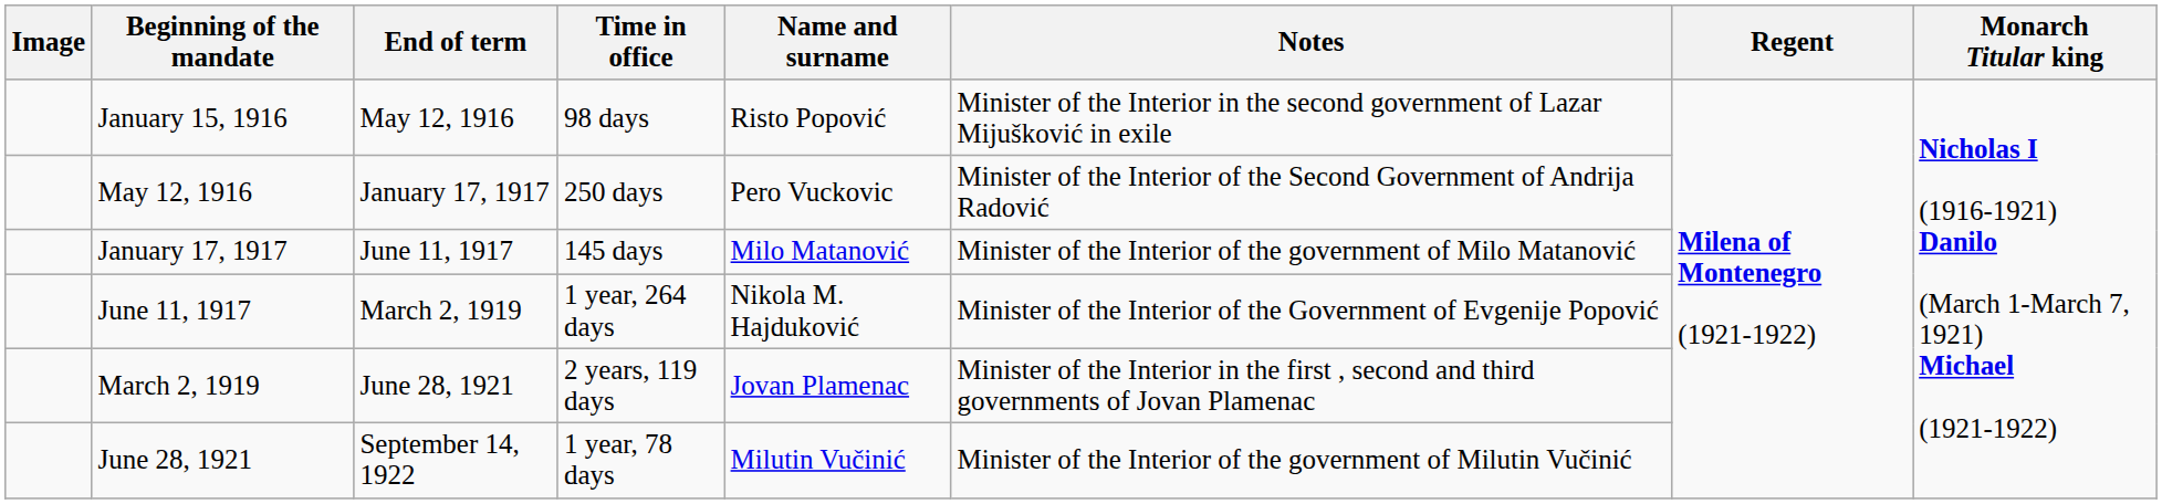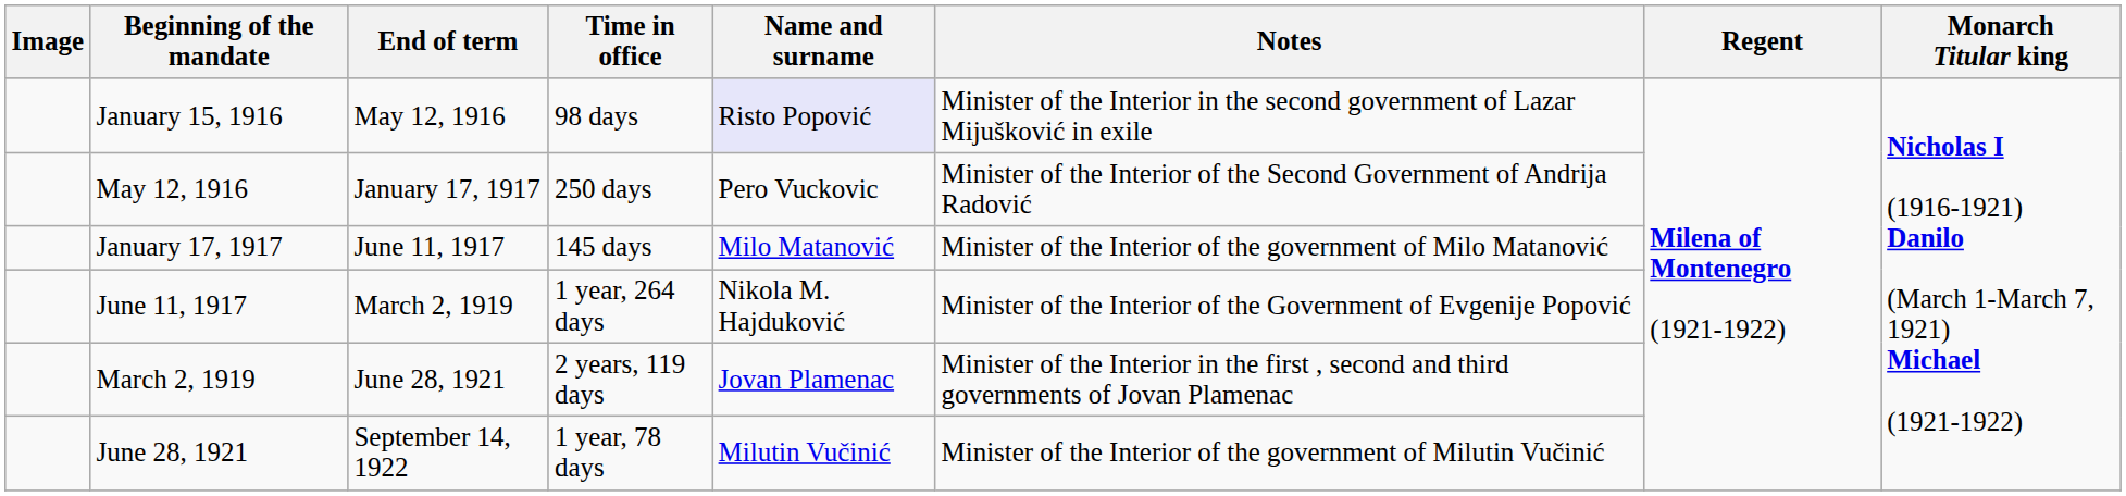 <table class="wikitable">
 <tr>
 <th>Image</th>
 <th>Beginning of the mandate</th>
 <th>End of term</th>
 <th>Time in office</th>
 <th>Name and surname</th>
 <th>Notes</th>
 <th>Regent</th>
 <th>Monarch<br><em>Titular</em> king</th>
 </tr>
 <tr>
 <td></td>
 <td>January 15, 1916</td>
 <td>May 12, 1916</td>
 <td>98 days</td>
-<td>Risto Popović</td>
+<td style="background: lavender;">Risto Popović</td>
 <td>Minister of the Interior in the second government of Lazar Mijušković in exile</td>
 <td rowspan="6"><strong><a href='#'>Milena of Montenegro</a></strong><br><br>(1921-1922)</td>
 <td rowspan="6"><strong><a href='#'>Nicholas I</a></strong><br><br>(1916-1921)<br><strong><a href='#'>Danilo</a></strong><br><br>(March 1-March 7, 1921)<br><strong><a href='#'>Michael</a></strong><br><br>(1921-1922)</td>
 </tr>
 <tr>
 <td></td>
 <td>May 12, 1916</td>
 <td>January 17, 1917</td>
 <td>250 days</td>
 <td>Pero Vuckovic</td>
 <td>Minister of the Interior of the Second Government of Andrija Radović</td>
 </tr>
 <tr>
 <td></td>
 <td>January 17, 1917</td>
 <td>June 11, 1917</td>
 <td>145 days</td>
 <td><a href='#'>Milo Matanović</a></td>
 <td>Minister of the Interior of the government of Milo Matanović</td>
 </tr>
 <tr>
 <td></td>
 <td>June 11, 1917</td>
 <td>March 2, 1919</td>
 <td>1 year, 264 days</td>
 <td>Nikola M. Hajduković</td>
 <td>Minister of the Interior of the Government of Evgenije Popović</td>
 </tr>
 <tr>
 <td></td>
 <td>March 2, 1919</td>
 <td>June 28, 1921</td>
 <td>2 years, 119 days</td>
 <td><a href='#'>Jovan Plamenac</a></td>
 <td>Minister of the Interior in the first , second and third governments of Jovan Plamenac</td>
 </tr>
 <tr>
 <td></td>
 <td>June 28, 1921</td>
 <td>September 14, 1922</td>
 <td>1 year, 78 days</td>
 <td><a href='#'>Milutin Vučinić</a></td>
 <td>Minister of the Interior of the government of Milutin Vučinić</td>
 </tr>
 </table>
